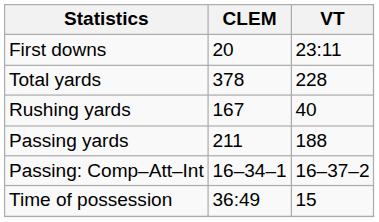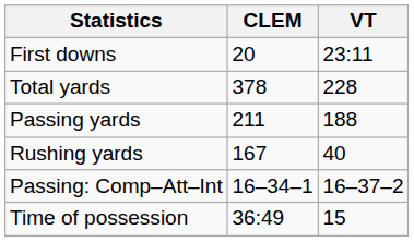 <table class="wikitable" style="float: left;">
 <tr>
 <th>Statistics</th>
 <th>CLEM</th>
 <th>VT</th>
 </tr>
 <tr>
 <td>First downs</td>
 <td>20</td>
 <td>23:11</td>
 </tr>
 <tr>
 <td>Total yards</td>
 <td>378</td>
 <td>228</td>
 </tr>
 <tr>
+<td>Passing yards</td>
+<td>211</td>
+<td>188</td>
+</tr>
+<tr>
 <td>Rushing yards</td>
 <td>167</td>
 <td>40</td>
-</tr>
-<tr>
-<td>Passing yards</td>
-<td>211</td>
-<td>188</td>
 </tr>
 <tr>
 <td>Passing: Comp–Att–Int</td>
 <td>16–34–1</td>
 <td>16–37–2</td>
 </tr>
 <tr>
 <td>Time of possession</td>
 <td>36:49</td>
 <td>15</td>
 </tr>
 <tr>
 </tr>
 </table>
